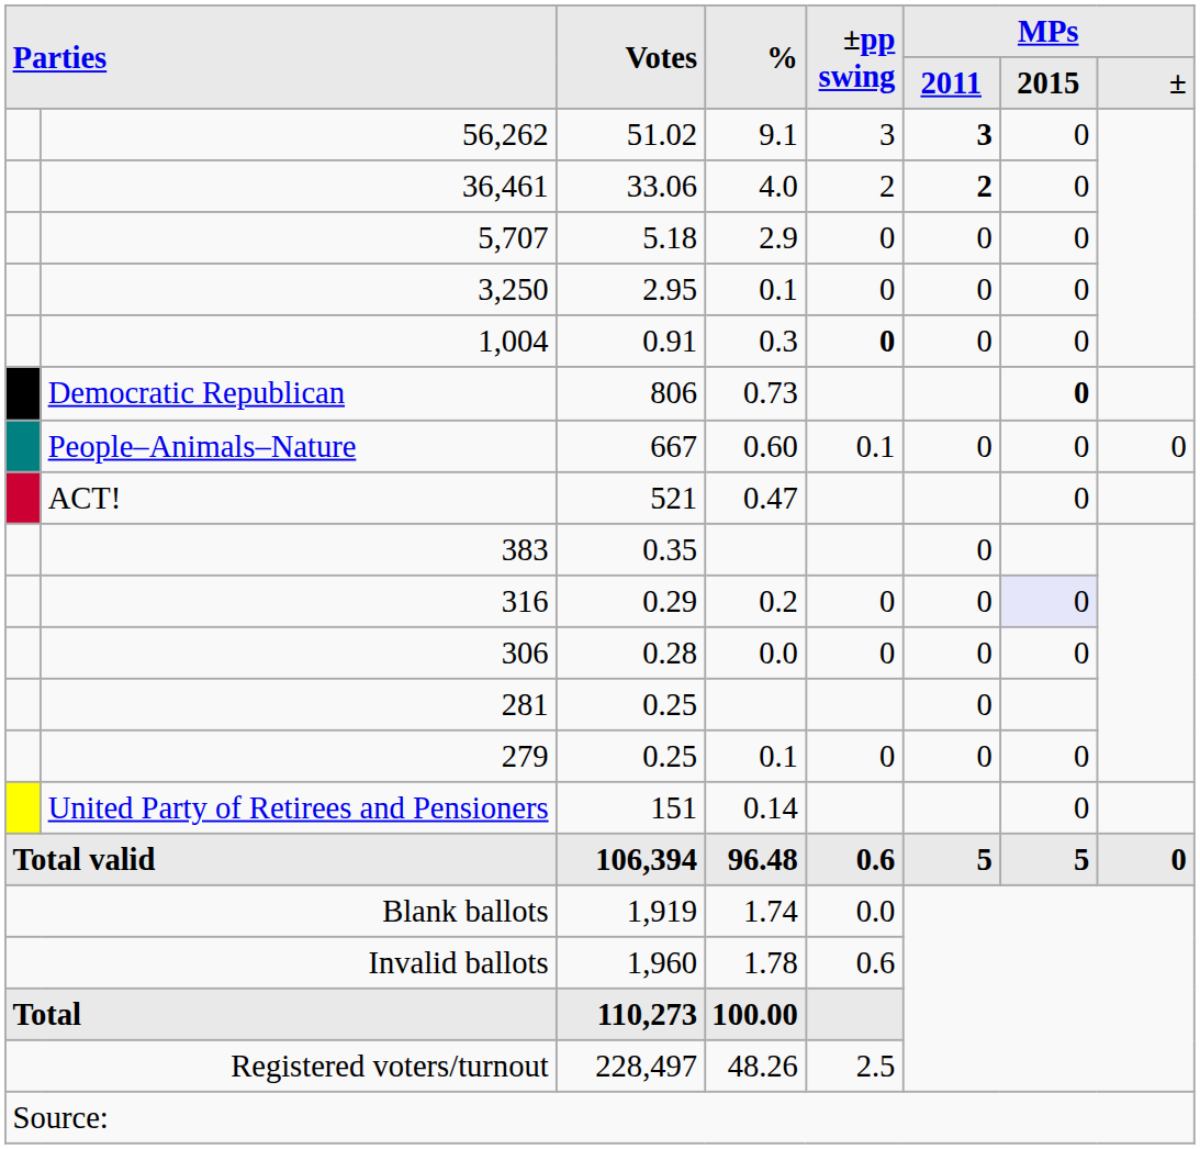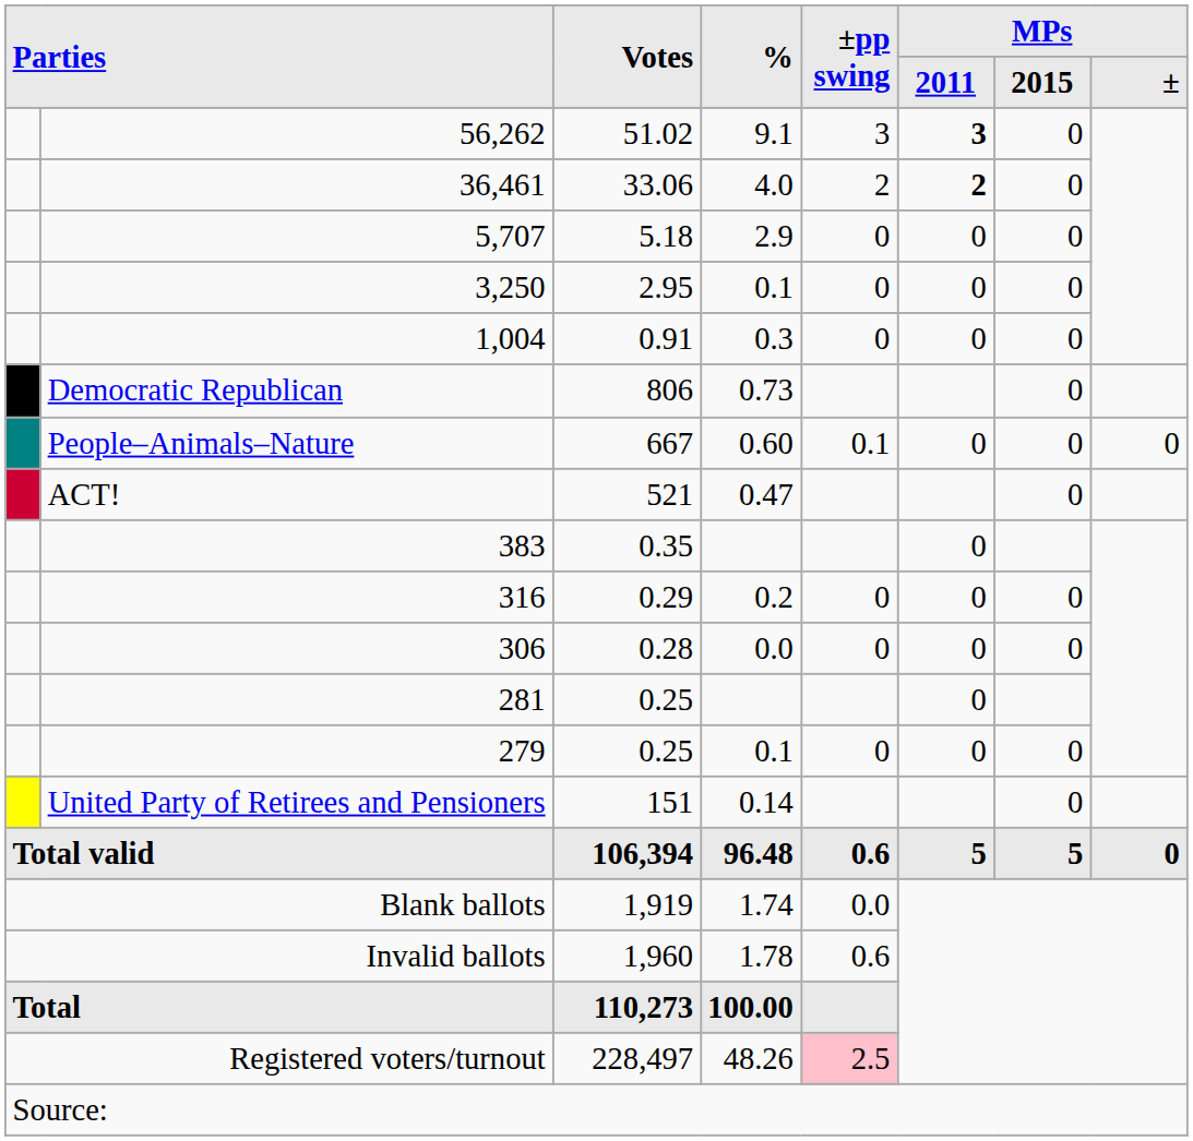 <table class="wikitable" style="text-align:right; font-size:95%;">
 <tr>
 <th rowspan="2" colspan="2" style="background:#e9e9e9; text-align:left;" alignleft><a href='#'>Parties</a></th>
 <th rowspan="2" style="background:#e9e9e9; text-align:right;">Votes</th>
 <th rowspan="2" style="background:#e9e9e9; text-align:right;">%</th>
 <th rowspan="2" style="background:#e9e9e9; text-align:right;">±<a href='#'>pp</a> <a href='#'>swing</a></th>
 <th colspan="3" style="background:#e9e9e9; text-align:center;"><a href='#'>MPs</a></th>
 </tr>
 <tr style="background-color:#E9E9E9">
 <th style="background-color:#E9E9E9;text-align:center;"><a href='#'>2011</a></th>
 <th style="background-color:#E9E9E9;text-align:center;">2015</th>
 <th style="background:#e9e9e9; text-align:right;">±</th>
 </tr>
 <tr>
 <td> </td>
 <td>56,262</td>
 <td>51.02</td>
 <td>9.1</td>
 <td>3</td>
 <td><strong>3</strong></td>
 <td>0</td>
 </tr>
 <tr>
 <td></td>
 <td>36,461</td>
 <td>33.06</td>
 <td>4.0</td>
 <td>2</td>
 <td><strong>2</strong></td>
 <td>0</td>
 </tr>
 <tr>
 <td></td>
 <td>5,707</td>
 <td>5.18</td>
 <td>2.9</td>
 <td>0</td>
 <td>0</td>
 <td>0</td>
 </tr>
 <tr>
 <td></td>
 <td>3,250</td>
 <td>2.95</td>
 <td>0.1</td>
 <td>0</td>
 <td>0</td>
 <td>0</td>
 </tr>
 <tr>
 <td></td>
 <td>1,004</td>
 <td>0.91</td>
 <td>0.3</td>
-<td><strong>0</strong></td>
+<td>0</td>
 <td>0</td>
 <td>0</td>
 </tr>
 <tr>
 <td style="width: 10px" bgcolor=black align="center"></td>
 <td align=left><a href='#'>Democratic Republican</a></td>
 <td>806</td>
 <td>0.73</td>
 <td></td>
 <td></td>
-<td><strong>0</strong></td>
+<td>0</td>
 <td></td>
 </tr>
 <tr>
 <td style="width: 10px" bgcolor="teal" align="center"></td>
 <td align="left"><a href='#'>People–Animals–Nature</a></td>
 <td>667</td>
 <td>0.60</td>
 <td>0.1</td>
 <td>0</td>
 <td>0</td>
 <td>0</td>
 </tr>
 <tr>
 <td style="width:10px; background:#CC0033; text-align:center;"></td>
 <td style="text-align:left;">ACT! </td>
 <td>521</td>
 <td>0.47</td>
 <td></td>
 <td></td>
 <td>0</td>
 <td></td>
 </tr>
 <tr>
 <td></td>
 <td>383</td>
 <td>0.35</td>
 <td></td>
 <td></td>
 <td>0</td>
 <td></td>
 </tr>
 <tr>
 <td></td>
 <td>316</td>
 <td>0.29</td>
 <td>0.2</td>
 <td>0</td>
 <td>0</td>
-<td style="background: lavender;">0</td>
+<td>0</td>
 </tr>
 <tr>
 <td></td>
 <td>306</td>
 <td>0.28</td>
 <td>0.0</td>
 <td>0</td>
 <td>0</td>
 <td>0</td>
 </tr>
 <tr>
 <td></td>
 <td>281</td>
 <td>0.25</td>
 <td></td>
 <td></td>
 <td>0</td>
 <td></td>
 </tr>
 <tr>
 <td></td>
 <td>279</td>
 <td>0.25</td>
 <td>0.1</td>
 <td>0</td>
 <td>0</td>
 <td>0</td>
 </tr>
 <tr>
 <td style="width: 10px" bgcolor=yellow align="center"></td>
 <td align=left><a href='#'>United Party of Retirees and Pensioners</a></td>
 <td>151</td>
 <td>0.14</td>
 <td></td>
 <td></td>
 <td>0</td>
 <td></td>
 </tr>
 <tr>
 <td colspan=2 align=left style="background-color:#E9E9E9"><strong>Total valid</strong></td>
 <td width="65" align="right" style="background-color:#E9E9E9"><strong>106,394</strong></td>
 <td width="40" align="right" style="background-color:#E9E9E9"><strong>96.48</strong></td>
 <td width="40" align="right" style="background-color:#E9E9E9"><strong>0.6</strong></td>
 <td width="40" align="right" style="background-color:#E9E9E9"><strong>5</strong></td>
 <td width="40" align="right" style="background-color:#E9E9E9"><strong>5</strong></td>
 <td width="40" align="right" style="background-color:#E9E9E9"><strong>0</strong></td>
 </tr>
 <tr>
 <td colspan=2>Blank ballots</td>
 <td>1,919</td>
 <td>1.74</td>
 <td>0.0</td>
 <td colspan=4 rowspan=4></td>
 </tr>
 <tr>
 <td colspan=2>Invalid ballots</td>
 <td>1,960</td>
 <td>1.78</td>
 <td>0.6</td>
 </tr>
 <tr>
 <td colspan=2 width="259" align=left style="background-color:#E9E9E9"><strong>Total</strong></td>
 <td width="50" align="right" style="background-color:#E9E9E9"><strong>110,273</strong></td>
 <td width="40" align="right" style="background-color:#E9E9E9"><strong>100.00</strong></td>
 <td width="40" align="right" style="background-color:#E9E9E9"></td>
 </tr>
 <tr>
 <td colspan=2>Registered voters/turnout</td>
 <td>228,497</td>
 <td>48.26</td>
-<td>2.5</td>
+<td style="background: pink;">2.5</td>
 </tr>
 <tr>
 <td colspan=11 align=left>Source: </td>
 </tr>
 </table>
